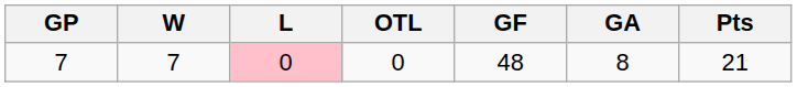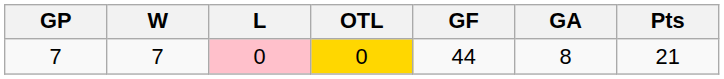 <table class="wikitable sortable">
 <tr>
 <th bgcolor="#DDDDFF" width="7.5%" title="Games played" class="unsortable">GP</th>
 <th bgcolor="#DDDDFF" width="7.5%" title="Wins">W</th>
 <th bgcolor="#DDDDFF" width="7.5%" title="Losses">L</th>
 <th bgcolor="#DDDDFF" width="7.5%" title="Ties">OTL</th>
 <th bgcolor="#DDDDFF" width="7.5%" title="Goals for">GF</th>
 <th bgcolor="#DDDDFF" width="7.5%" title="Goals against">GA</th>
 <th bgcolor="#DDDDFF" width="7.5%" title="Points">Pts</th>
 </tr>
 <tr align=center>
 <td>7</td>
 <td>7</td>
 <td style="background: pink;">0</td>
-<td>0</td>
-<td>48</td>
+<td style="background: gold;">0</td>
+<td>44</td>
 <td>8</td>
 <td>21</td>
 </tr>
 </table>
